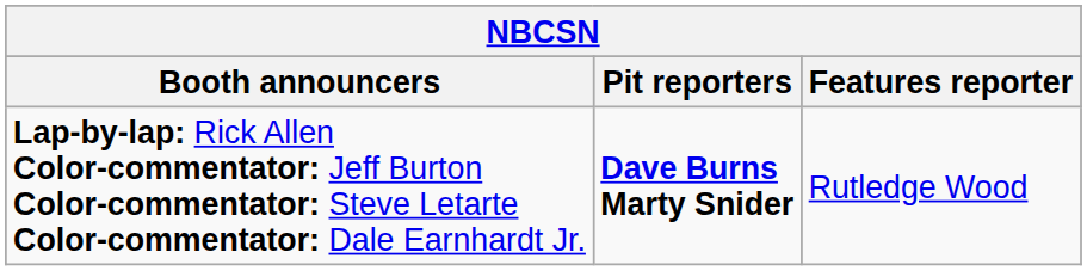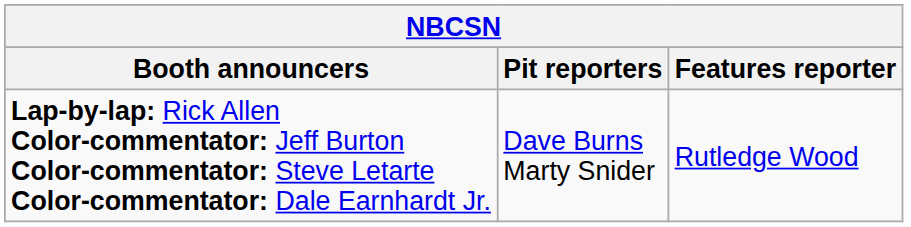 <table class="wikitable" style="font-size: 95%;">
 <tr>
 <th colspan="3"><a href='#'>NBCSN</a></th>
 </tr>
 <tr>
 <th>Booth announcers</th>
 <th>Pit reporters</th>
 <th>Features reporter</th>
 </tr>
 <tr>
 <td><strong>Lap-by-lap:</strong> <a href='#'>Rick Allen</a><br><strong>Color-commentator:</strong> <a href='#'>Jeff Burton</a><br><strong>Color-commentator:</strong> <a href='#'>Steve Letarte</a><br><strong>Color-commentator:</strong> <a href='#'>Dale Earnhardt Jr.</a></td>
-<td><strong><a href='#'>Dave Burns</a><br>Marty Snider</strong></td>
+<td><a href='#'>Dave Burns</a><br>Marty Snider</td>
 <td><a href='#'>Rutledge Wood</a></td>
 </tr>
 </table>
